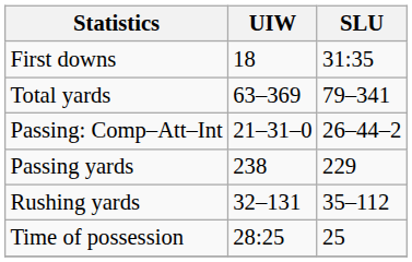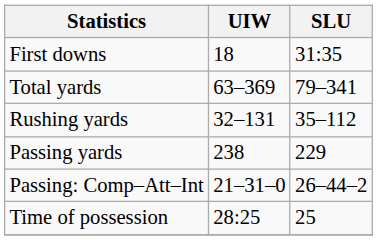 <table class="wikitable" style="float: left;">
 <tr>
 <th>Statistics</th>
 <th>UIW</th>
 <th>SLU</th>
 </tr>
 <tr>
 <td>First downs</td>
 <td>18</td>
 <td>31:35</td>
 </tr>
 <tr>
 <td>Total yards</td>
 <td>63–369</td>
 <td>79–341</td>
 </tr>
 <tr>
-<td>Passing: Comp–Att–Int</td>
-<td>21–31–0</td>
-<td>26–44–2</td>
+<td>Rushing yards</td>
+<td>32–131</td>
+<td>35–112</td>
 </tr>
 <tr>
 <td>Passing yards</td>
 <td>238</td>
 <td>229</td>
 </tr>
 <tr>
-<td>Rushing yards</td>
-<td>32–131</td>
-<td>35–112</td>
+<td>Passing: Comp–Att–Int</td>
+<td>21–31–0</td>
+<td>26–44–2</td>
 </tr>
 <tr>
 <td>Time of possession</td>
 <td>28:25</td>
 <td>25</td>
 </tr>
 <tr>
 </tr>
 </table>
